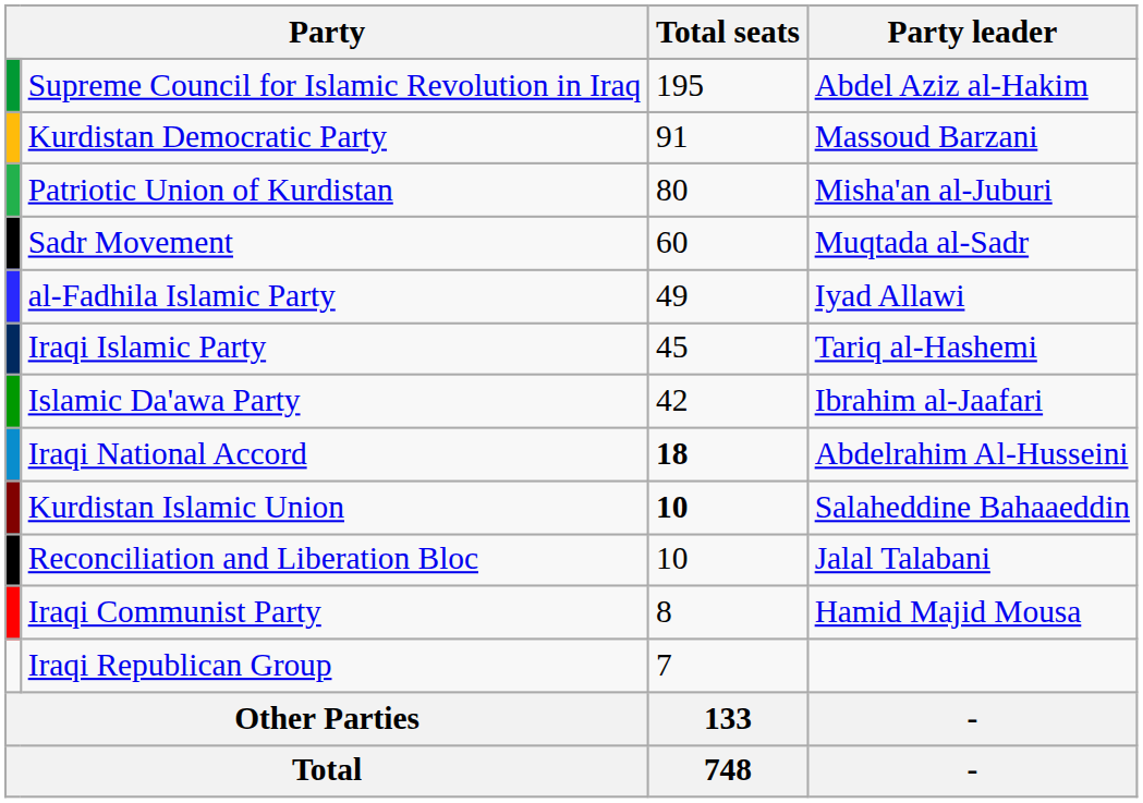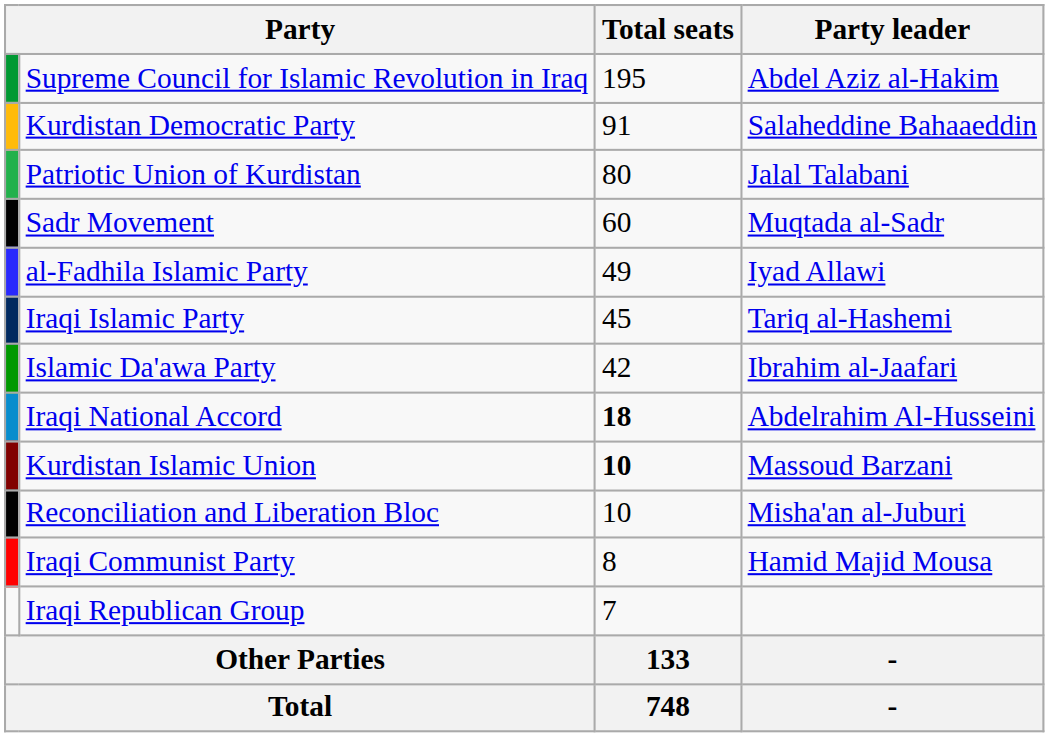 <table class="wikitable sortable" style="border:1px solid #8888aa; background:#f8f8f8; padding:0; font-size:90%;">
 <tr>
 <th colspan=2>Party</th>
 <th>Total seats</th>
 <th>Party leader</th>
 </tr>
 <tr>
 <td bgcolor="#009933"></td>
 <td><a href='#'>Supreme Council for Islamic Revolution in Iraq</a></td>
 <td>195</td>
 <td><a href='#'>Abdel Aziz al-Hakim</a></td>
 </tr>
 <tr>
 <td bgcolor="#FFBB0A"></td>
 <td><a href='#'>Kurdistan Democratic Party</a></td>
 <td>91</td>
-<td><a href='#'>Massoud Barzani</a></td>
+<td><a href='#'>Salaheddine Bahaaeddin</a></td>
 </tr>
 <tr>
 <td bgcolor="#22B14C"></td>
 <td><a href='#'>Patriotic Union of Kurdistan</a></td>
 <td>80</td>
-<td><a href='#'>Misha'an al-Juburi</a></td>
+<td><a href='#'>Jalal Talabani</a></td>
 </tr>
 <tr>
 <td bgcolor="#000000"></td>
 <td><a href='#'>Sadr Movement</a></td>
 <td>60</td>
 <td><a href='#'>Muqtada al-Sadr</a></td>
 </tr>
 <tr>
 <td bgcolor="#2929FD"></td>
 <td><a href='#'>al-Fadhila Islamic Party</a></td>
 <td>49</td>
 <td><a href='#'>Iyad Allawi</a></td>
 </tr>
 <tr>
 <td bgcolor="#00295F"></td>
 <td><a href='#'>Iraqi Islamic Party</a></td>
 <td>45</td>
 <td><a href='#'>Tariq al-Hashemi</a></td>
 </tr>
 <tr>
 <td bgcolor="#009900"></td>
 <td><a href='#'>Islamic Da'awa Party</a></td>
 <td>42</td>
 <td><a href='#'>Ibrahim al-Jaafari</a></td>
 </tr>
 <tr>
 <td bgcolor="#098DCD"></td>
 <td><a href='#'>Iraqi National Accord</a></td>
 <td><strong>18</strong></td>
 <td><a href='#'>Abdelrahim Al-Husseini</a></td>
 </tr>
 <tr>
 <td bgcolor="#810100"></td>
 <td><a href='#'>Kurdistan Islamic Union</a></td>
 <td><strong>10</strong></td>
-<td><a href='#'>Salaheddine Bahaaeddin</a></td>
+<td><a href='#'>Massoud Barzani</a></td>
 </tr>
 <tr>
 <td bgcolor="#000000"></td>
 <td><a href='#'>Reconciliation and Liberation Bloc</a></td>
 <td>10</td>
-<td><a href='#'>Jalal Talabani</a></td>
+<td><a href='#'>Misha'an al-Juburi</a></td>
 </tr>
 <tr>
 <td bgcolor="#FF0000"></td>
 <td><a href='#'>Iraqi Communist Party</a></td>
 <td>8</td>
 <td><a href='#'>Hamid Majid Mousa</a></td>
 </tr>
 <tr>
 <td></td>
 <td><a href='#'>Iraqi Republican Group</a></td>
 <td>7</td>
 <td></td>
 </tr>
 <tr>
 <th colspan=2>Other Parties</th>
 <th>133</th>
 <th>-</th>
 </tr>
 <tr>
 <th colspan=2><strong>Total</strong></th>
 <th><strong>748</strong></th>
 <th>-</th>
 </tr>
 </table>
